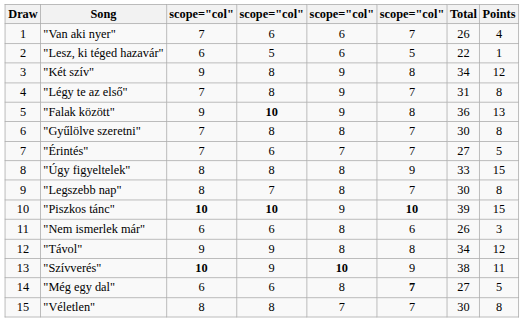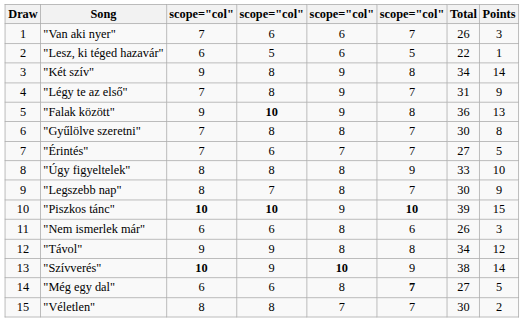 <table class="wikitable collapsible" style="margin: 1em auto 1em auto; text-align:center;">
 <tr>
 <th>Draw</th>
 <th>Song</th>
 <th>scope="col" </th>
 <th>scope="col" </th>
 <th>scope="col" </th>
 <th>scope="col" </th>
 <th>Total</th>
 <th>Points</th>
 </tr>
 <tr>
 <td>1</td>
 <td align="left">"Van aki nyer"</td>
 <td>7</td>
 <td>6</td>
 <td>6</td>
 <td>7</td>
 <td>26</td>
-<td>4</td>
+<td>3</td>
 </tr>
 <tr>
 <td>2</td>
 <td align="left">"Lesz, ki téged hazavár"</td>
 <td>6</td>
 <td>5</td>
 <td>6</td>
 <td>5</td>
 <td>22</td>
 <td>1</td>
 </tr>
 <tr>
 <td>3</td>
 <td align="left">"Két szív"</td>
 <td>9</td>
 <td>8</td>
 <td>9</td>
 <td>8</td>
 <td>34</td>
-<td>12</td>
+<td>14</td>
 </tr>
 <tr>
 <td>4</td>
 <td align="left">"Légy te az első"</td>
 <td>7</td>
 <td>8</td>
 <td>9</td>
 <td>7</td>
 <td>31</td>
-<td>8</td>
+<td>9</td>
 </tr>
 <tr>
 <td>5</td>
 <td align="left">"Falak között"</td>
 <td>9</td>
 <td><strong>10</strong></td>
 <td>9</td>
 <td>8</td>
 <td>36</td>
 <td>13</td>
 </tr>
 <tr>
 <td>6</td>
 <td align="left">"Gyűlölve szeretni"</td>
 <td>7</td>
 <td>8</td>
 <td>8</td>
 <td>7</td>
 <td>30</td>
 <td>8</td>
 </tr>
 <tr>
 <td>7</td>
 <td align="left">"Érintés"</td>
 <td>7</td>
 <td>6</td>
 <td>7</td>
 <td>7</td>
 <td>27</td>
 <td>5</td>
 </tr>
 <tr>
 <td>8</td>
 <td align="left">"Úgy figyeltelek"</td>
 <td>8</td>
 <td>8</td>
 <td>8</td>
 <td>9</td>
 <td>33</td>
-<td>15</td>
+<td>10</td>
 </tr>
 <tr>
 <td>9</td>
 <td align="left">"Legszebb nap"</td>
 <td>8</td>
 <td>7</td>
 <td>8</td>
 <td>7</td>
 <td>30</td>
-<td>8</td>
+<td>9</td>
 </tr>
 <tr>
 <td>10</td>
 <td align="left">"Piszkos tánc"</td>
 <td><strong>10</strong></td>
 <td><strong>10</strong></td>
 <td>9</td>
 <td><strong>10</strong></td>
 <td>39</td>
 <td>15</td>
 </tr>
 <tr>
 <td>11</td>
 <td align="left">"Nem ismerlek már"</td>
 <td>6</td>
 <td>6</td>
 <td>8</td>
 <td>6</td>
 <td>26</td>
 <td>3</td>
 </tr>
 <tr>
 <td>12</td>
 <td align="left">"Távol"</td>
 <td>9</td>
 <td>9</td>
 <td>8</td>
 <td>8</td>
 <td>34</td>
 <td>12</td>
 </tr>
 <tr>
 <td>13</td>
 <td align="left">"Szívverés"</td>
 <td><strong>10</strong></td>
 <td>9</td>
 <td><strong>10</strong></td>
 <td>9</td>
 <td>38</td>
-<td>11</td>
+<td>14</td>
 </tr>
 <tr>
 <td>14</td>
 <td align="left">"Még egy dal"</td>
 <td>6</td>
 <td>6</td>
 <td>8</td>
 <td><strong>7</strong></td>
 <td>27</td>
 <td>5</td>
 </tr>
 <tr>
 <td>15</td>
 <td align="left">"Véletlen"</td>
 <td>8</td>
 <td>8</td>
 <td>7</td>
 <td>7</td>
 <td>30</td>
-<td>8</td>
+<td>2</td>
 </tr>
 </table>
